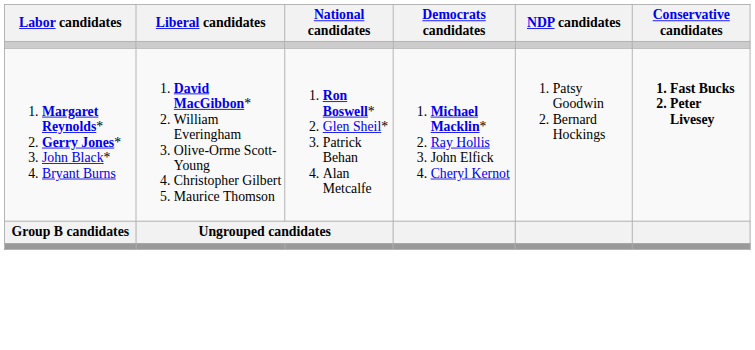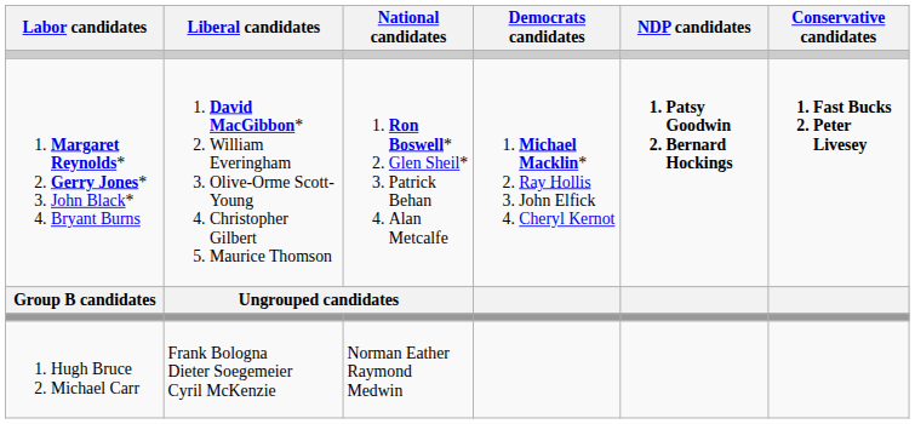 <table class="wikitable">
 <tr>
 <th><a href='#'>Labor</a> candidates</th>
 <th><a href='#'>Liberal</a> candidates</th>
 <th><a href='#'>National</a> candidates</th>
 <th><a href='#'>Democrats</a> candidates</th>
 <th><a href='#'>NDP</a> candidates</th>
 <th><a href='#'>Conservative</a> candidates</th>
 </tr>
 <tr bgcolor="#cccccc">
 <td></td>
 <td></td>
 <td></td>
 <td></td>
 <td></td>
 <td></td>
 </tr>
 <tr>
 <td><br><ol><li><strong><a href='#'>Margaret Reynolds</a></strong>*</li><li><strong><a href='#'>Gerry Jones</a></strong>*</li><li><a href='#'>John Black</a>*</li><li><a href='#'>Bryant Burns</a></li></ol></td>
 <td><br><ol><li><strong><a href='#'>David MacGibbon</a></strong>*</li><li>William Everingham</li><li>Olive-Orme Scott-Young</li><li>Christopher Gilbert</li><li>Maurice Thomson</li></ol></td>
 <td><br><ol><li><strong><a href='#'>Ron Boswell</a></strong>*</li><li><a href='#'>Glen Sheil</a>*</li><li>Patrick Behan</li><li>Alan Metcalfe</li></ol></td>
 <td><br><ol><li><strong><a href='#'>Michael Macklin</a></strong>*</li><li><a href='#'>Ray Hollis</a></li><li>John Elfick</li><li><a href='#'>Cheryl Kernot</a></li></ol></td>
-<td valign=top><br><ol><li>Patsy Goodwin</li><li>Bernard Hockings</li></ol></td>
+<td valign=top><strong><br><ol><li>Patsy Goodwin</li><li>Bernard Hockings</li></ol></strong></td>
 <td valign=top><strong><br><ol><li>Fast Bucks</li><li>Peter Livesey</li></ol></strong></td>
 </tr>
 <tr bgcolor="#cccccc">
 <th>Group B candidates</th>
 <th colspan="2">Ungrouped candidates</th>
 <th></th>
 <th></th>
 <th></th>
 </tr>
 <tr bgcolor="#cccccc">
 <td bgcolor="#999999"></td>
 <td bgcolor="#999999"></td>
 <td bgcolor="#999999"></td>
 <td bgcolor="#999999"></td>
 <td bgcolor="#999999"></td>
 <td bgcolor="#999999"></td>
 </tr>
+<tr>
+<td valign=top><br><ol><li>Hugh Bruce</li><li>Michael Carr</li></ol></td>
+<td valign=top><br>Frank Bologna<br> Dieter Soegemeier<br> Cyril McKenzie</td>
+<td valign=top><br>Norman Eather<br> Raymond Medwin</td>
+<td valign=top></td>
+<td valign=top></td>
+<td valign=top></td>
+</tr>
 </table>
